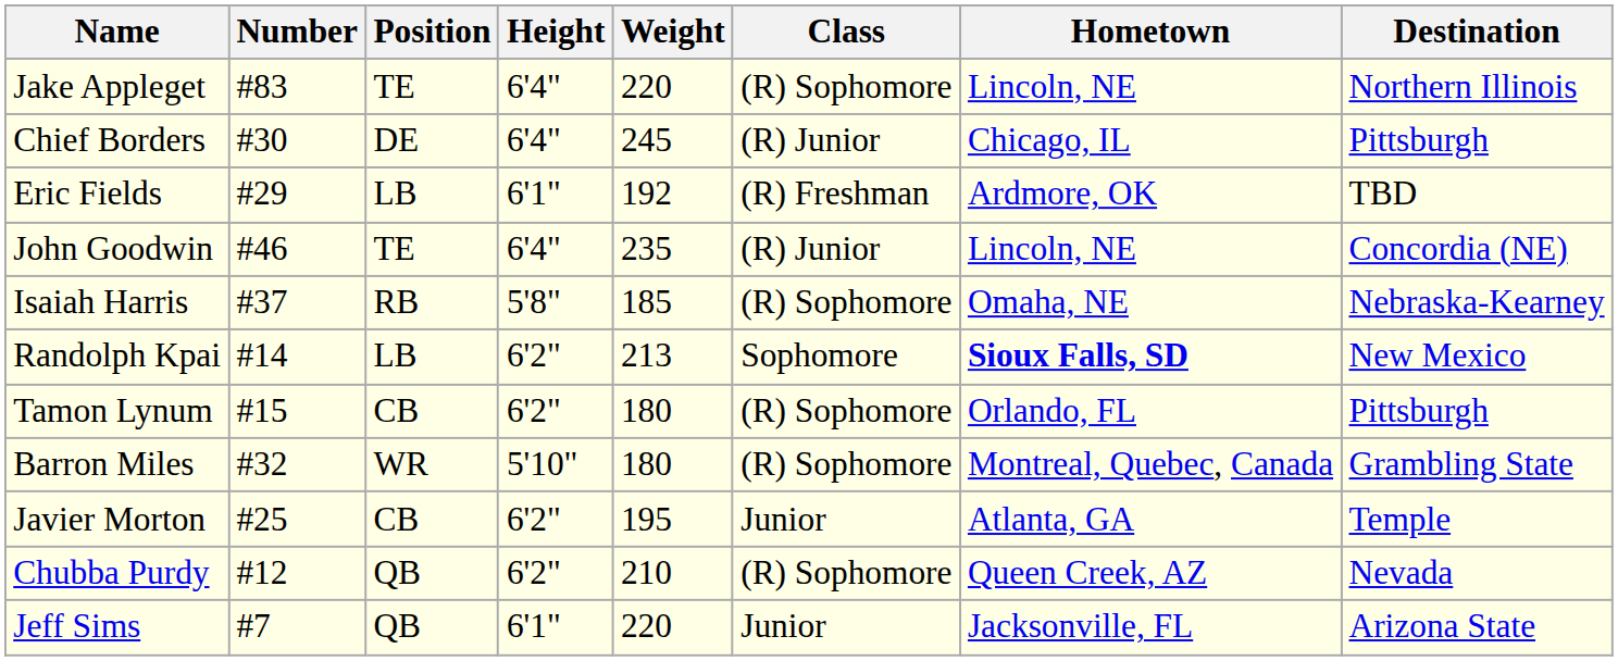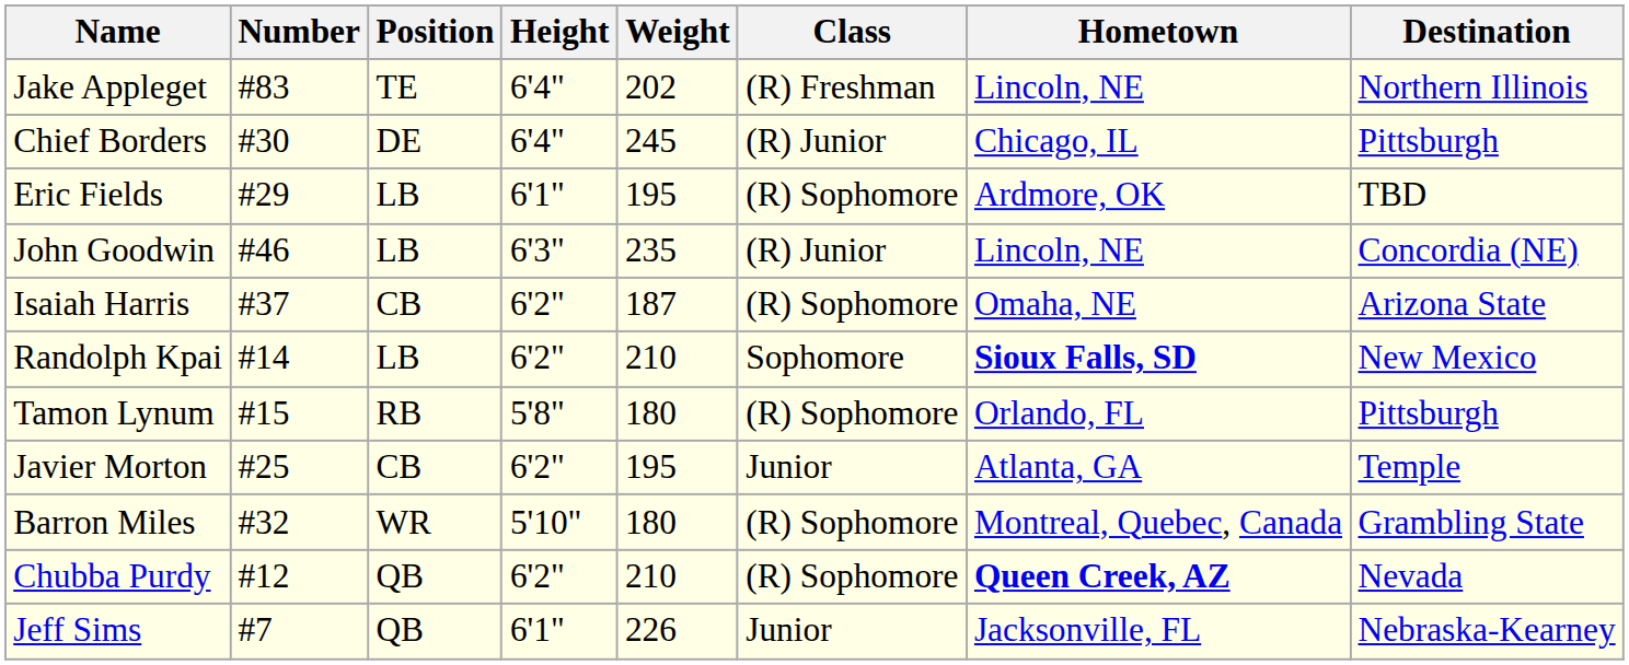 <table class="wikitable sortable">
 <tr>
 <th>Name</th>
 <th>Number</th>
 <th>Position</th>
 <th>Height</th>
 <th>Weight</th>
 <th>Class</th>
 <th>Hometown</th>
 <th>Destination</th>
 </tr>
 <tr style="background:#FFFFE6;">
 <td>Jake Appleget</td>
 <td>#83</td>
 <td>TE</td>
 <td>6'4"</td>
-<td>220</td>
-<td>(R) Sophomore</td>
+<td>202</td>
+<td>(R) Freshman</td>
 <td><a href='#'>Lincoln, NE</a></td>
 <td><a href='#'>Northern Illinois</a></td>
 </tr>
 <tr style="background:#FFFFE6;">
 <td>Chief Borders</td>
 <td>#30</td>
 <td>DE</td>
 <td>6'4"</td>
 <td>245</td>
 <td>(R) Junior</td>
 <td><a href='#'>Chicago, IL</a></td>
 <td><a href='#'>Pittsburgh</a></td>
 </tr>
 <tr style="background:#FFFFE6;">
 <td>Eric Fields</td>
 <td>#29</td>
 <td>LB</td>
 <td>6'1"</td>
-<td>192</td>
-<td>(R) Freshman</td>
+<td>195</td>
+<td>(R) Sophomore</td>
 <td><a href='#'>Ardmore, OK</a></td>
 <td>TBD</td>
 </tr>
 <tr style="background:#FFFFE6;">
 <td>John Goodwin</td>
 <td>#46</td>
-<td>TE</td>
-<td>6'4"</td>
+<td>LB</td>
+<td>6'3"</td>
 <td>235</td>
 <td>(R) Junior</td>
 <td><a href='#'>Lincoln, NE</a></td>
 <td><a href='#'>Concordia (NE)</a></td>
 </tr>
 <tr style="background:#FFFFE6;">
 <td>Isaiah Harris</td>
 <td>#37</td>
-<td>RB</td>
-<td>5'8"</td>
-<td>185</td>
+<td>CB</td>
+<td>6'2"</td>
+<td>187</td>
 <td>(R) Sophomore</td>
 <td><a href='#'>Omaha, NE</a></td>
-<td><a href='#'>Nebraska-Kearney</a></td>
+<td><a href='#'>Arizona State</a></td>
 </tr>
 <tr style="background:#FFFFE6;">
 <td>Randolph Kpai</td>
 <td>#14</td>
 <td>LB</td>
 <td>6'2"</td>
-<td>213</td>
+<td>210</td>
 <td>Sophomore</td>
 <td><strong><a href='#'>Sioux Falls, SD</a></strong></td>
 <td><a href='#'>New Mexico</a></td>
 </tr>
 <tr style="background:#FFFFE6;">
 <td>Tamon Lynum</td>
 <td>#15</td>
-<td>CB</td>
-<td>6'2"</td>
+<td>RB</td>
+<td>5'8"</td>
 <td>180</td>
 <td>(R) Sophomore</td>
 <td><a href='#'>Orlando, FL</a></td>
 <td><a href='#'>Pittsburgh</a></td>
+</tr>
+<tr style="background:#FFFFE6;">
+<td>Javier Morton</td>
+<td>#25</td>
+<td>CB</td>
+<td>6'2"</td>
+<td>195</td>
+<td>Junior</td>
+<td><a href='#'>Atlanta, GA</a></td>
+<td><a href='#'>Temple</a></td>
 </tr>
 <tr style="background:#FFFFE6;">
 <td>Barron Miles</td>
 <td>#32</td>
 <td>WR</td>
 <td>5'10"</td>
 <td>180</td>
 <td>(R) Sophomore</td>
 <td><a href='#'>Montreal, Quebec</a>, <a href='#'>Canada</a></td>
 <td><a href='#'>Grambling State</a></td>
 </tr>
 <tr style="background:#FFFFE6;">
-<td>Javier Morton</td>
-<td>#25</td>
-<td>CB</td>
-<td>6'2"</td>
-<td>195</td>
-<td>Junior</td>
-<td><a href='#'>Atlanta, GA</a></td>
-<td><a href='#'>Temple</a></td>
-</tr>
-<tr style="background:#FFFFE6;">
 <td><a href='#'>Chubba Purdy</a></td>
 <td>#12</td>
 <td>QB</td>
 <td>6'2"</td>
 <td>210</td>
 <td>(R) Sophomore</td>
-<td><a href='#'>Queen Creek, AZ</a></td>
+<td><strong><a href='#'>Queen Creek, AZ</a></strong></td>
 <td><a href='#'>Nevada</a></td>
 </tr>
 <tr style="background:#FFFFE6;">
 <td><a href='#'>Jeff Sims</a></td>
 <td>#7</td>
 <td>QB</td>
 <td>6'1"</td>
-<td>220</td>
+<td>226</td>
 <td>Junior</td>
 <td><a href='#'>Jacksonville, FL</a></td>
-<td><a href='#'>Arizona State</a></td>
+<td><a href='#'>Nebraska-Kearney</a></td>
 </tr>
 </table>
